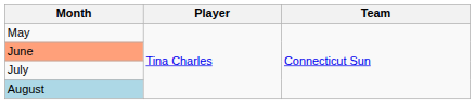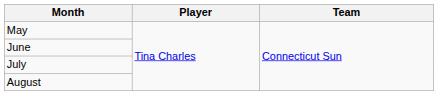 <table class="wikitable" style="width: 50%">
 <tr>
 <th width=60>Month</th>
 <th width=60>Player</th>
 <th width=60>Team</th>
 </tr>
 <tr>
 <td>May</td>
 <td rowspan="4"><a href='#'>Tina Charles</a></td>
 <td rowspan=4><a href='#'>Connecticut Sun</a></td>
 </tr>
 <tr>
-<td style="background: lightsalmon;">June</td>
+<td>June</td>
 </tr>
 <tr>
 <td>July</td>
 </tr>
 <tr>
-<td style="background: lightblue;">August</td>
+<td>August</td>
 </tr>
 </table>
